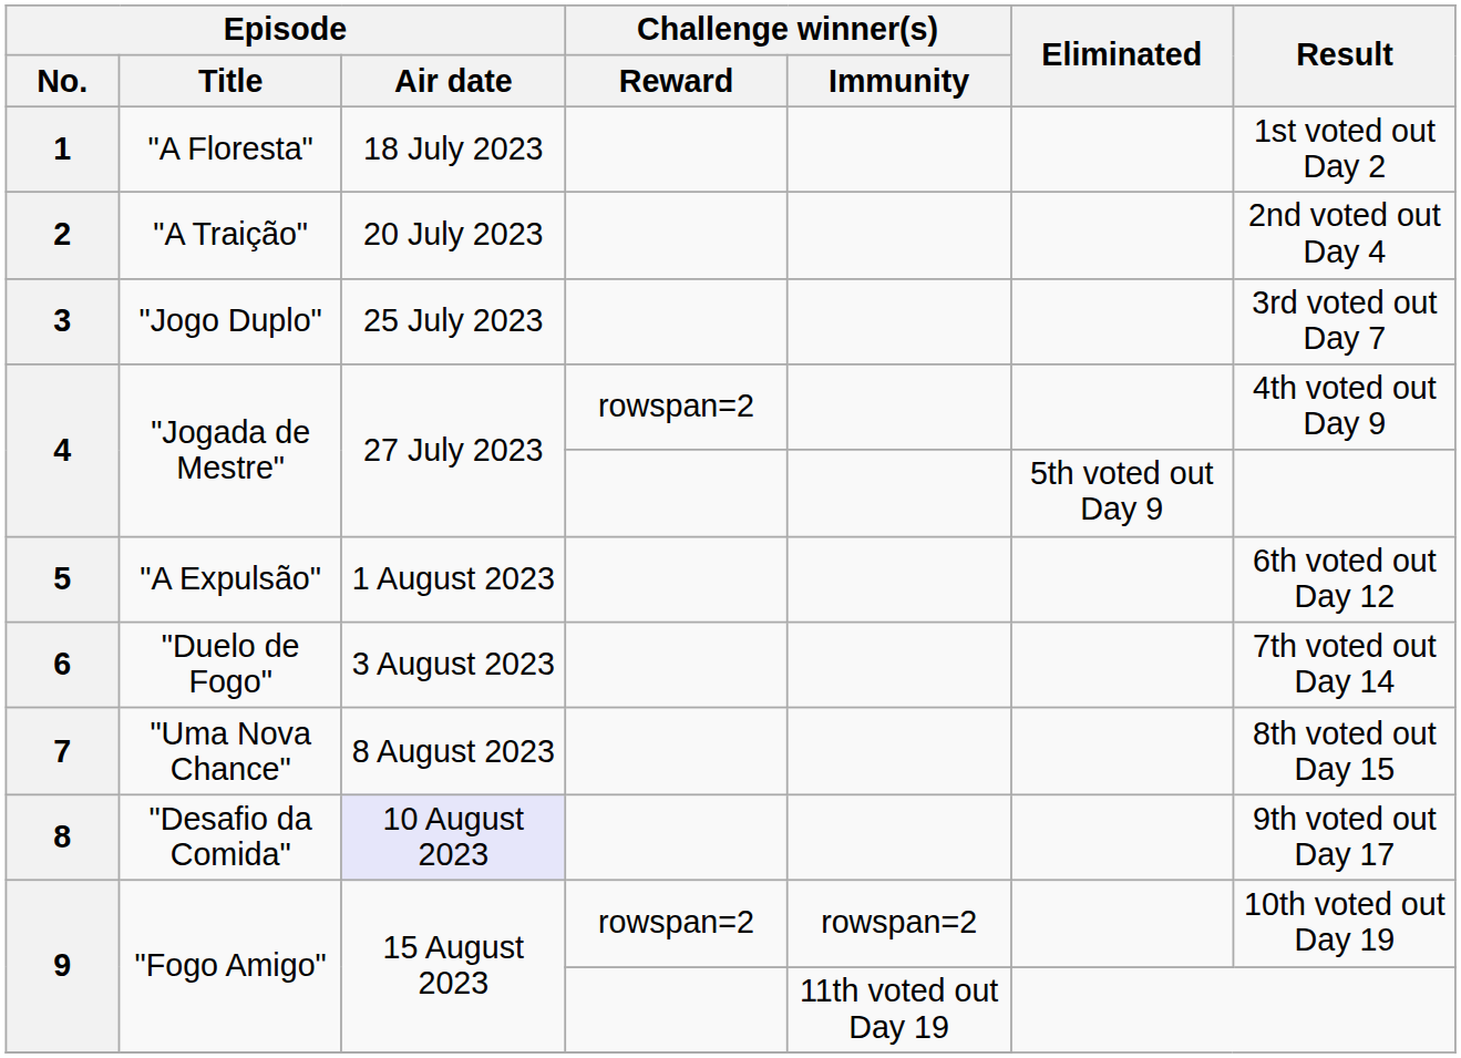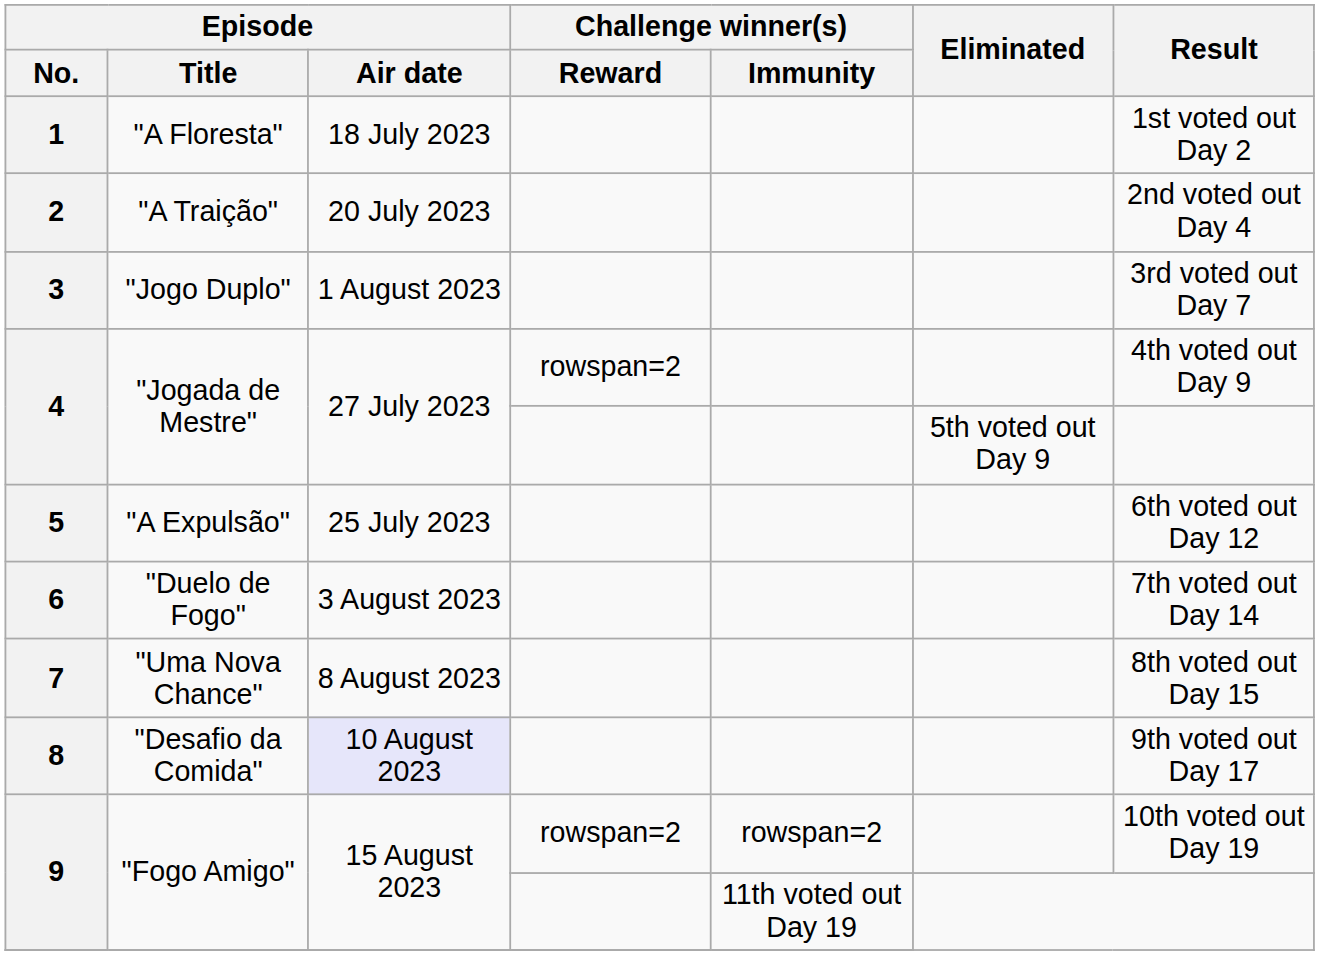 <table class="wikitable width=100% plainrowheaders nowrap" style="margin:auto; text-align:center">
 <tr>
 <th scope="col" colspan=3>Episode</th>
 <th scope="col" colspan=2>Challenge winner(s)</th>
 <th scope="col" rowspan=2 width=105>Eliminated</th>
 <th scope="col" rowspan=2 width=105>Result</th>
 </tr>
 <tr>
 <th scope="col" width=050>No.</th>
 <th scope="col" width=105>Title</th>
 <th scope="col" width=105>Air date</th>
 <th scope="col" width=105>Reward</th>
 <th scope="col" width=105>Immunity</th>
 </tr>
 <tr>
 <th>1</th>
 <td>"A Floresta"<br></td>
 <td>18 July 2023</td>
 <td></td>
 <td></td>
 <td></td>
 <td>1st voted out<br>Day 2</td>
 </tr>
 <tr>
 <th>2</th>
 <td>"A Traição"<br></td>
 <td>20 July 2023</td>
 <td></td>
 <td></td>
 <td></td>
 <td>2nd voted out<br>Day 4</td>
 </tr>
 <tr>
 <th>3</th>
 <td>"Jogo Duplo"<br></td>
-<td>25 July 2023</td>
+<td>1 August 2023</td>
 <td></td>
 <td></td>
 <td></td>
 <td>3rd voted out<br>Day 7</td>
 </tr>
 <tr>
 <th rowspan=2>4</th>
 <td rowspan=2>"Jogada de Mestre"<br></td>
 <td rowspan=2>27 July 2023</td>
 <td>rowspan=2 </td>
 <td></td>
 <td></td>
 <td>4th voted out<br>Day 9</td>
 </tr>
 <tr>
 <td></td>
 <td></td>
 <td>5th voted out<br>Day 9</td>
 </tr>
 <tr>
 <th>5</th>
 <td>"A Expulsão"<br></td>
-<td>1 August 2023</td>
+<td>25 July 2023</td>
 <td></td>
 <td></td>
 <td></td>
 <td>6th voted out<br>Day 12</td>
 </tr>
 <tr>
 <th>6</th>
 <td>"Duelo de Fogo"<br></td>
 <td>3 August 2023</td>
 <td></td>
 <td></td>
 <td></td>
 <td>7th voted out<br>Day 14</td>
 </tr>
 <tr>
 <th>7</th>
 <td>"Uma Nova Chance"<br></td>
 <td>8 August 2023</td>
 <td></td>
 <td></td>
 <td></td>
 <td>8th voted out<br>Day 15</td>
 </tr>
 <tr>
 <th>8</th>
 <td>"Desafio da Comida"<br></td>
 <td style="background: lavender;">10 August 2023</td>
 <td></td>
 <td></td>
 <td></td>
 <td>9th voted out<br>Day 17</td>
 </tr>
 <tr>
 <th rowspan=2>9</th>
 <td rowspan=2>"Fogo Amigo"<br></td>
 <td rowspan=2>15 August 2023</td>
 <td>rowspan=2 </td>
 <td>rowspan=2 </td>
 <td></td>
 <td>10th voted out<br>Day 19</td>
 </tr>
 <tr>
 <td></td>
 <td>11th voted out<br>Day 19</td>
 </tr>
 <tr>
 </tr>
 </table>
